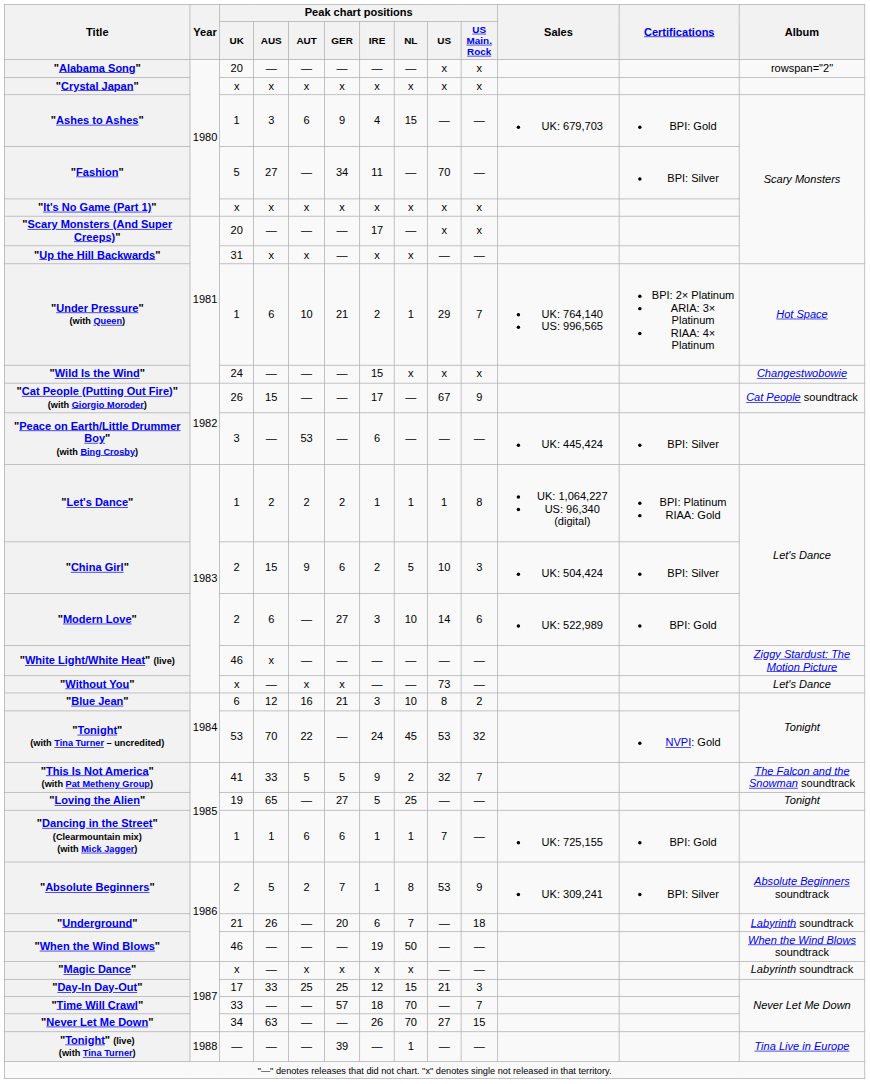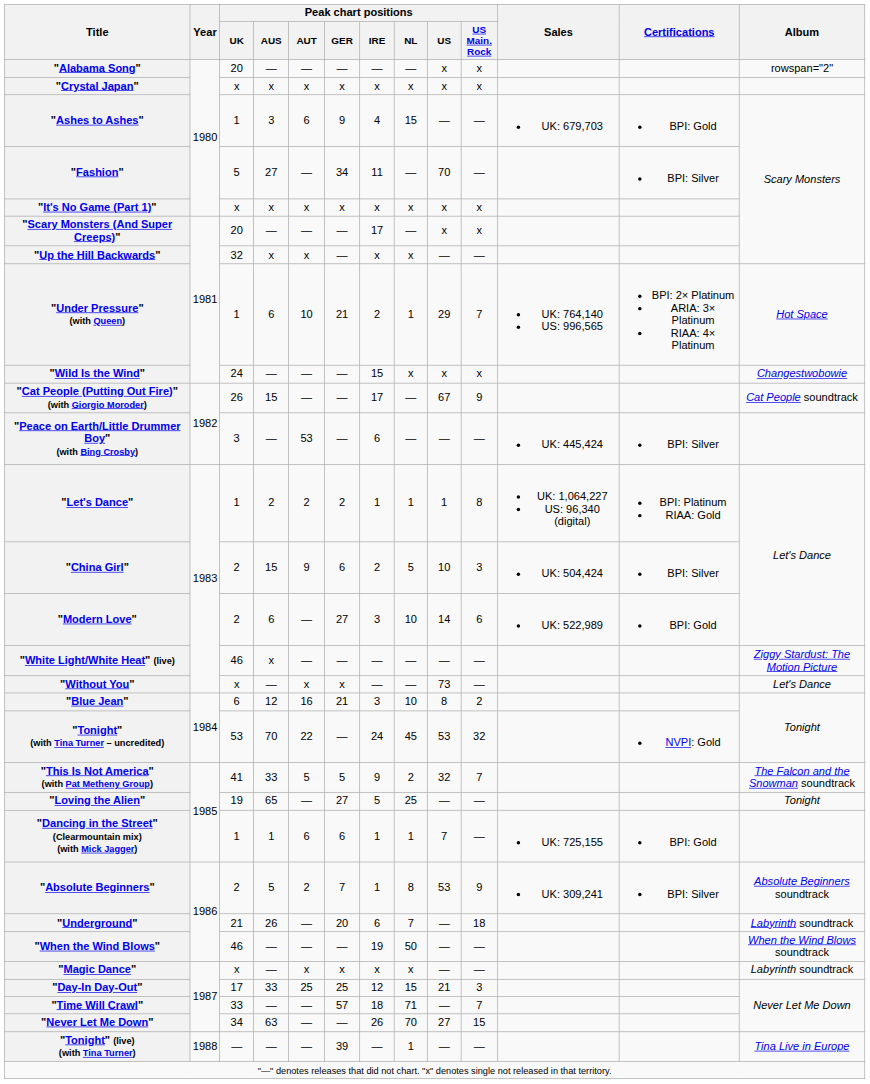 <table class="wikitable plainrowheaders" style="text-align:center;">
 <tr>
 <th scope="col" rowspan="2" style="width:20em;">Title</th>
 <th scope="col" rowspan="2" style="width:1em;">Year</th>
 <th scope="col" colspan="8">Peak chart positions</th>
 <th scope="col" rowspan="2" style="width:12em;">Sales</th>
 <th scope="col" rowspan="2" style="width:12em;"><a href='#'>Certifications</a></th>
 <th scope="col" rowspan="2" style="width:12em;">Album</th>
 </tr>
 <tr>
 <th style="width:3.5em;font-size:90%">UK<br></th>
 <th style="width:3.5em;font-size:90%">AUS<br></th>
 <th style="width:3.5em;font-size:90%">AUT<br></th>
 <th style="width:3.5em;font-size:90%">GER<br></th>
 <th style="width:3.5em;font-size:90%">IRE<br></th>
 <th style="width:3.5em;font-size:90%">NL<br></th>
 <th style="width:3.5em;font-size:90%">US<br></th>
 <th style="width:3.5em;font-size:90%"><a href='#'>US Main.<br>Rock</a><br></th>
 </tr>
 <tr>
 <th scope="row">"<a href='#'>Alabama Song</a>"</th>
 <td rowspan="5">1980</td>
 <td>20</td>
 <td>—</td>
 <td>—</td>
 <td>—</td>
 <td>—</td>
 <td>—</td>
 <td>x</td>
 <td>x</td>
 <td></td>
 <td></td>
 <td>rowspan="2" </td>
 </tr>
 <tr>
 <th scope="row">"<a href='#'>Crystal Japan</a>"</th>
 <td>x</td>
 <td>x</td>
 <td>x</td>
 <td>x</td>
 <td>x</td>
 <td>x</td>
 <td>x</td>
 <td>x</td>
 <td></td>
 <td></td>
 </tr>
 <tr>
 <th scope="row">"<a href='#'>Ashes to Ashes</a>"</th>
 <td>1</td>
 <td>3</td>
 <td>6</td>
 <td>9</td>
 <td>4</td>
 <td>15</td>
 <td>—<br></td>
 <td>—</td>
 <td><br><ul><li>UK: 679,703</li></ul></td>
 <td><br><ul><li>BPI: Gold</li></ul></td>
 <td rowspan="5"><em>Scary Monsters</em></td>
 </tr>
 <tr>
 <th scope="row">"<a href='#'>Fashion</a>"</th>
 <td>5</td>
 <td>27</td>
 <td>—</td>
 <td>34</td>
 <td>11</td>
 <td>—</td>
 <td>70</td>
 <td>—</td>
 <td></td>
 <td><br><ul><li>BPI: Silver</li></ul></td>
 </tr>
 <tr>
 <th scope="row">"<a href='#'>It's No Game (Part 1)</a>"</th>
 <td>x</td>
 <td>x</td>
 <td>x</td>
 <td>x</td>
 <td>x</td>
 <td>x</td>
 <td>x</td>
 <td>x</td>
 <td></td>
 <td></td>
 </tr>
 <tr>
 <th scope="row">"<a href='#'>Scary Monsters (And Super Creeps)</a>"</th>
 <td rowspan="4">1981</td>
 <td>20</td>
 <td>—</td>
 <td>—</td>
 <td>—</td>
 <td>17</td>
 <td>—</td>
 <td>x</td>
 <td>x</td>
 <td></td>
 <td></td>
 </tr>
 <tr>
 <th scope="row">"<a href='#'>Up the Hill Backwards</a>"</th>
-<td>31</td>
+<td>32</td>
 <td>x</td>
 <td>x</td>
 <td>—</td>
 <td>x</td>
 <td>x</td>
 <td>—</td>
 <td>—</td>
 <td></td>
 <td></td>
 </tr>
 <tr>
 <th scope="row">"<a href='#'>Under Pressure</a>"<br><small>(with <a href='#'>Queen</a>)</small></th>
 <td>1</td>
 <td>6</td>
 <td>10</td>
 <td>21</td>
 <td>2</td>
 <td>1</td>
 <td>29</td>
 <td>7</td>
 <td><br><ul><li>UK: 764,140</li><li>US: 996,565</li></ul></td>
 <td><br><ul><li>BPI: 2× Platinum</li><li>ARIA: 3× Platinum</li><li>RIAA: 4× Platinum</li></ul></td>
 <td><em><a href='#'>Hot Space</a></em></td>
 </tr>
 <tr>
 <th scope="row">"<a href='#'>Wild Is the Wind</a>"</th>
 <td>24</td>
 <td>—</td>
 <td>—</td>
 <td>—</td>
 <td>15</td>
 <td>x</td>
 <td>x</td>
 <td>x</td>
 <td></td>
 <td></td>
 <td><em><a href='#'>Changestwobowie</a></em></td>
 </tr>
 <tr>
 <th scope="row">"<a href='#'>Cat People (Putting Out Fire)</a>"<br><small>(with <a href='#'>Giorgio Moroder</a>)</small></th>
 <td rowspan="2">1982</td>
 <td>26</td>
 <td>15</td>
 <td>—</td>
 <td>—</td>
 <td>17</td>
 <td>—</td>
 <td>67</td>
 <td>9</td>
 <td></td>
 <td></td>
 <td><em><a href='#'>Cat People</a></em> soundtrack</td>
 </tr>
 <tr>
 <th scope="row">"<a href='#'>Peace on Earth/Little Drummer Boy</a>"<br><small>(with <a href='#'>Bing Crosby</a>)</small></th>
 <td>3</td>
 <td>—</td>
 <td>53</td>
 <td>—</td>
 <td>6</td>
 <td>—</td>
 <td>—</td>
 <td>—</td>
 <td><br><ul><li>UK: 445,424</li></ul></td>
 <td><br><ul><li>BPI: Silver</li></ul></td>
 <td></td>
 </tr>
 <tr>
 <th scope="row">"<a href='#'>Let's Dance</a>"</th>
 <td rowspan="5">1983</td>
 <td>1</td>
 <td>2</td>
 <td>2</td>
 <td>2</td>
 <td>1</td>
 <td>1</td>
 <td>1</td>
 <td>8</td>
 <td><br><ul><li>UK: 1,064,227</li><li>US: 96,340 (digital)</li></ul></td>
 <td><br><ul><li>BPI: Platinum</li><li>RIAA: Gold</li></ul></td>
 <td rowspan="3"><em>Let's Dance</em></td>
 </tr>
 <tr>
 <th scope="row">"<a href='#'>China Girl</a>"</th>
 <td>2</td>
 <td>15</td>
 <td>9</td>
 <td>6</td>
 <td>2</td>
 <td>5</td>
 <td>10</td>
 <td>3</td>
 <td><br><ul><li>UK: 504,424</li></ul></td>
 <td><br><ul><li>BPI: Silver</li></ul></td>
 </tr>
 <tr>
 <th scope="row">"<a href='#'>Modern Love</a>"</th>
 <td>2</td>
 <td>6</td>
 <td>—</td>
 <td>27</td>
 <td>3</td>
 <td>10</td>
 <td>14</td>
 <td>6</td>
 <td><br><ul><li>UK: 522,989</li></ul></td>
 <td><br><ul><li>BPI: Gold</li></ul></td>
 </tr>
 <tr>
 <th scope="row">"<a href='#'>White Light/White Heat</a>" <small>(live)</small></th>
 <td>46</td>
 <td>x</td>
 <td>—</td>
 <td>—</td>
 <td>—</td>
 <td>—</td>
 <td>—</td>
 <td>—</td>
 <td></td>
 <td></td>
 <td><em><a href='#'>Ziggy Stardust: The Motion Picture</a></em></td>
 </tr>
 <tr>
 <th scope="row">"<a href='#'>Without You</a>"</th>
 <td>x</td>
 <td>—</td>
 <td>x</td>
 <td>x</td>
 <td>—</td>
 <td>—</td>
 <td>73</td>
 <td>—</td>
 <td></td>
 <td></td>
 <td><em>Let's Dance</em></td>
 </tr>
 <tr>
 <th scope="row">"<a href='#'>Blue Jean</a>"</th>
 <td rowspan="2">1984</td>
 <td>6</td>
 <td>12</td>
 <td>16</td>
 <td>21</td>
 <td>3</td>
 <td>10</td>
 <td>8</td>
 <td>2</td>
 <td></td>
 <td></td>
 <td rowspan="2"><em>Tonight</em></td>
 </tr>
 <tr>
 <th scope="row">"<a href='#'>Tonight</a>"<br><small>(with <a href='#'>Tina Turner</a> – uncredited)</small></th>
 <td>53</td>
 <td>70</td>
 <td>22</td>
 <td>—</td>
 <td>24</td>
 <td>45</td>
 <td>53</td>
 <td>32</td>
 <td></td>
 <td><br><ul><li><a href='#'>NVPI</a>: Gold</li></ul></td>
 </tr>
 <tr>
 <th scope="row">"<a href='#'>This Is Not America</a>"<br><small>(with <a href='#'>Pat Metheny Group</a>)</small></th>
 <td rowspan="3">1985</td>
 <td>41</td>
 <td>33</td>
 <td>5</td>
 <td>5</td>
 <td>9</td>
 <td>2</td>
 <td>32</td>
 <td>7</td>
 <td></td>
 <td></td>
 <td><em><a href='#'>The Falcon and the Snowman</a></em> soundtrack</td>
 </tr>
 <tr>
 <th scope="row">"<a href='#'>Loving the Alien</a>"</th>
 <td>19</td>
 <td>65</td>
 <td>—</td>
 <td>27</td>
 <td>5</td>
 <td>25</td>
 <td>—</td>
 <td>—</td>
 <td></td>
 <td></td>
 <td><em>Tonight</em></td>
 </tr>
 <tr>
 <th scope="row">"<a href='#'>Dancing in the Street</a>" <small>(Clearmountain mix)</small><br><small>(with <a href='#'>Mick Jagger</a>)</small></th>
 <td>1</td>
 <td>1</td>
 <td>6</td>
 <td>6</td>
 <td>1</td>
 <td>1</td>
 <td>7</td>
 <td>—</td>
 <td><br><ul><li>UK: 725,155</li></ul></td>
 <td><br><ul><li>BPI: Gold</li></ul></td>
 <td></td>
 </tr>
 <tr>
 <th scope="row">"<a href='#'>Absolute Beginners</a>"</th>
 <td rowspan="3">1986</td>
 <td>2</td>
 <td>5</td>
 <td>2</td>
 <td>7</td>
 <td>1</td>
 <td>8</td>
 <td>53</td>
 <td>9</td>
 <td><br><ul><li>UK: 309,241</li></ul></td>
 <td><br><ul><li>BPI: Silver</li></ul></td>
 <td><em><a href='#'>Absolute Beginners</a></em> soundtrack</td>
 </tr>
 <tr>
 <th scope="row">"<a href='#'>Underground</a>"</th>
 <td>21</td>
 <td>26</td>
 <td>—</td>
 <td>20</td>
 <td>6</td>
 <td>7</td>
 <td>—</td>
 <td>18</td>
 <td></td>
 <td></td>
 <td><em><a href='#'>Labyrinth</a></em> soundtrack</td>
 </tr>
 <tr>
 <th scope="row">"<a href='#'>When the Wind Blows</a>"</th>
 <td>46</td>
 <td>—</td>
 <td>—</td>
 <td>—</td>
 <td>19</td>
 <td>50</td>
 <td>—</td>
 <td>—</td>
 <td></td>
 <td></td>
 <td><em><a href='#'>When the Wind Blows</a></em> soundtrack</td>
 </tr>
 <tr>
 <th scope="row">"<a href='#'>Magic Dance</a>"</th>
 <td rowspan="4">1987</td>
 <td>x</td>
 <td>—</td>
 <td>x</td>
 <td>x</td>
 <td>x</td>
 <td>x</td>
 <td>—</td>
 <td>—</td>
 <td></td>
 <td></td>
 <td><em>Labyrinth</em> soundtrack</td>
 </tr>
 <tr>
 <th scope="row">"<a href='#'>Day-In Day-Out</a>"</th>
 <td>17</td>
 <td>33</td>
 <td>25</td>
 <td>25</td>
 <td>12</td>
 <td>15</td>
 <td>21</td>
 <td>3</td>
 <td></td>
 <td></td>
 <td rowspan="3"><em>Never Let Me Down</em></td>
 </tr>
 <tr>
 <th scope="row">"<a href='#'>Time Will Crawl</a>"</th>
 <td>33</td>
 <td>—</td>
 <td>—</td>
 <td>57</td>
 <td>18</td>
-<td>70</td>
+<td>71</td>
 <td>—</td>
 <td>7</td>
 <td></td>
 <td></td>
 </tr>
 <tr>
 <th scope="row">"<a href='#'>Never Let Me Down</a>"</th>
 <td>34</td>
 <td>63</td>
 <td>—</td>
 <td>—</td>
 <td>26</td>
 <td>70</td>
 <td>27</td>
 <td>15</td>
 <td></td>
 <td></td>
 </tr>
 <tr>
 <th scope="row">"<a href='#'>Tonight</a>" <small>(live)</small><br><small>(with <a href='#'>Tina Turner</a>)</small></th>
 <td>1988</td>
 <td>—</td>
 <td>—</td>
 <td>—</td>
 <td>39</td>
 <td>—</td>
 <td>1</td>
 <td>—</td>
 <td>—</td>
 <td></td>
 <td></td>
 <td><em><a href='#'>Tina Live in Europe</a></em></td>
 </tr>
 <tr>
 <td colspan="13"><small>"—" denotes releases that did not chart. "x" denotes single not released in that territory.</small></td>
 </tr>
 </table>
